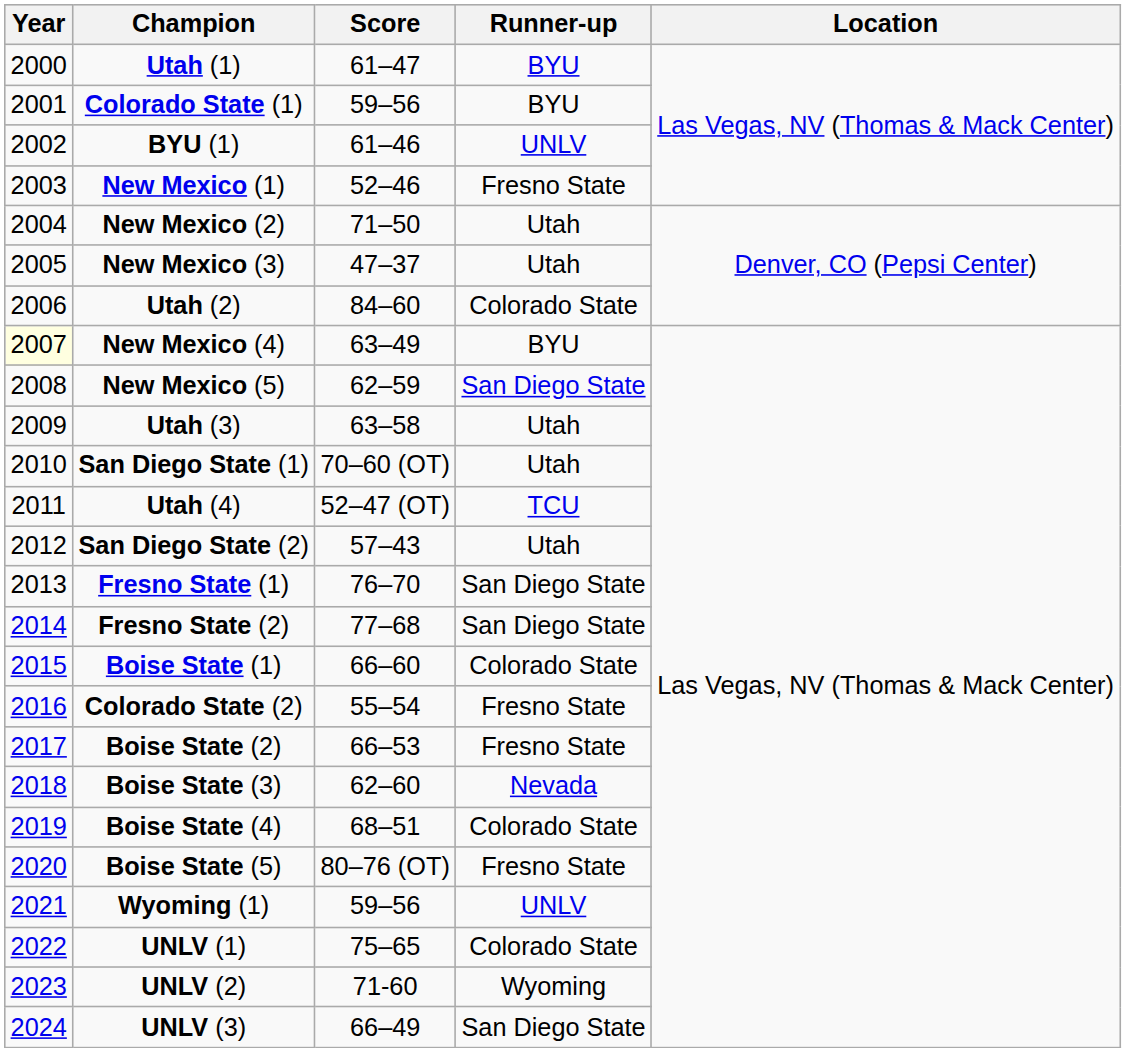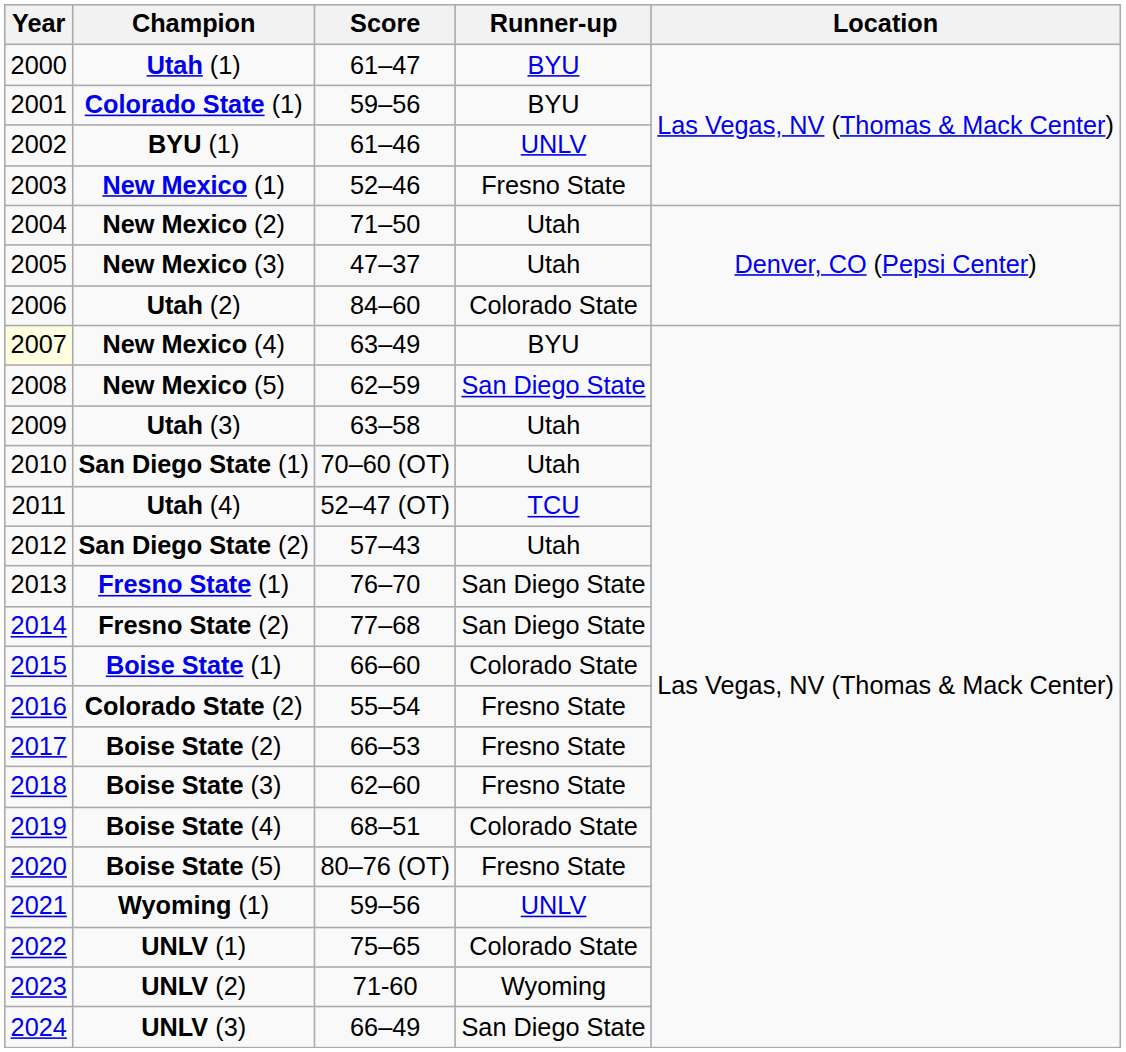 <table class="wikitable sortable" style="text-align:center">
 <tr>
 <th width=px>Year</th>
 <th width=px>Champion</th>
 <th width=px>Score</th>
 <th width=px>Runner-up</th>
 <th width=px>Location</th>
 </tr>
 <tr>
 <td>2000</td>
 <td><strong><a href='#'>Utah</a></strong> (1)</td>
 <td>61–47</td>
 <td><a href='#'>BYU</a></td>
 <td rowspan=4><a href='#'>Las Vegas, NV</a> (<a href='#'>Thomas & Mack Center</a>)</td>
 </tr>
 <tr>
 <td>2001</td>
 <td><strong><a href='#'>Colorado State</a></strong> (1)</td>
 <td>59–56</td>
 <td>BYU</td>
 </tr>
 <tr>
 <td>2002</td>
 <td><strong>BYU</strong> (1)</td>
 <td>61–46</td>
 <td><a href='#'>UNLV</a></td>
 </tr>
 <tr>
 <td>2003</td>
 <td><strong><a href='#'>New Mexico</a></strong> (1)</td>
 <td>52–46</td>
 <td>Fresno State</td>
 </tr>
 <tr>
 <td>2004</td>
 <td><strong>New Mexico</strong> (2)</td>
 <td>71–50</td>
 <td>Utah</td>
 <td rowspan=3><a href='#'>Denver, CO</a> (<a href='#'>Pepsi Center</a>)</td>
 </tr>
 <tr>
 <td>2005</td>
 <td><strong>New Mexico</strong> (3)</td>
 <td>47–37</td>
 <td>Utah</td>
 </tr>
 <tr>
 <td>2006</td>
 <td><strong>Utah</strong> (2)</td>
 <td>84–60</td>
 <td>Colorado State</td>
 </tr>
 <tr>
 <td style="background: lightyellow;">2007</td>
 <td><strong>New Mexico</strong> (4)</td>
 <td>63–49</td>
 <td>BYU</td>
 <td rowspan=18>Las Vegas, NV (Thomas & Mack Center)</td>
 </tr>
 <tr>
 <td>2008</td>
 <td><strong>New Mexico</strong> (5)</td>
 <td>62–59</td>
 <td><a href='#'>San Diego State</a></td>
 </tr>
 <tr>
 <td>2009</td>
 <td><strong>Utah</strong> (3)</td>
 <td>63–58</td>
 <td>Utah</td>
 </tr>
 <tr>
 <td>2010</td>
 <td><strong>San Diego State</strong> (1)</td>
 <td>70–60 (OT)</td>
 <td>Utah</td>
 </tr>
 <tr>
 <td>2011</td>
 <td><strong>Utah</strong> (4)</td>
 <td>52–47 (OT)</td>
 <td><a href='#'>TCU</a></td>
 </tr>
 <tr>
 <td>2012</td>
 <td><strong>San Diego State</strong> (2)</td>
 <td>57–43</td>
 <td>Utah</td>
 </tr>
 <tr>
 <td>2013</td>
 <td><strong><a href='#'>Fresno State</a></strong> (1)</td>
 <td>76–70</td>
 <td>San Diego State</td>
 </tr>
 <tr>
 <td><a href='#'>2014</a></td>
 <td><strong>Fresno State</strong> (2)</td>
 <td>77–68</td>
 <td>San Diego State</td>
 </tr>
 <tr>
 <td><a href='#'>2015</a></td>
 <td><strong><a href='#'>Boise State</a></strong> (1)</td>
 <td>66–60</td>
 <td>Colorado State</td>
 </tr>
 <tr>
 <td><a href='#'>2016</a></td>
 <td><strong>Colorado State</strong> (2)</td>
 <td>55–54</td>
 <td>Fresno State</td>
 </tr>
 <tr>
 <td><a href='#'>2017</a></td>
 <td><strong>Boise State</strong> (2)</td>
 <td>66–53</td>
 <td>Fresno State</td>
 </tr>
 <tr>
 <td><a href='#'>2018</a></td>
 <td><strong>Boise State</strong> (3)</td>
 <td>62–60</td>
-<td><a href='#'>Nevada</a></td>
+<td>Fresno State</td>
 </tr>
 <tr>
 <td><a href='#'>2019</a></td>
 <td><strong>Boise State</strong> (4)</td>
 <td>68–51</td>
 <td>Colorado State</td>
 </tr>
 <tr>
 <td><a href='#'>2020</a></td>
 <td><strong>Boise State</strong> (5)</td>
 <td>80–76 (OT)</td>
 <td>Fresno State</td>
 </tr>
 <tr>
 <td><a href='#'>2021</a></td>
 <td><strong>Wyoming</strong> (1)</td>
 <td>59–56</td>
 <td><a href='#'>UNLV</a></td>
 </tr>
 <tr>
 <td><a href='#'>2022</a></td>
 <td><strong>UNLV</strong> (1)</td>
 <td>75–65</td>
 <td>Colorado State</td>
 </tr>
 <tr>
 <td><a href='#'>2023</a></td>
 <td><strong>UNLV</strong> (2)</td>
 <td>71-60</td>
 <td>Wyoming</td>
 </tr>
 <tr>
 <td><a href='#'>2024</a></td>
 <td><strong>UNLV</strong> (3)</td>
 <td>66–49</td>
 <td>San Diego State</td>
 </tr>
 </table>
